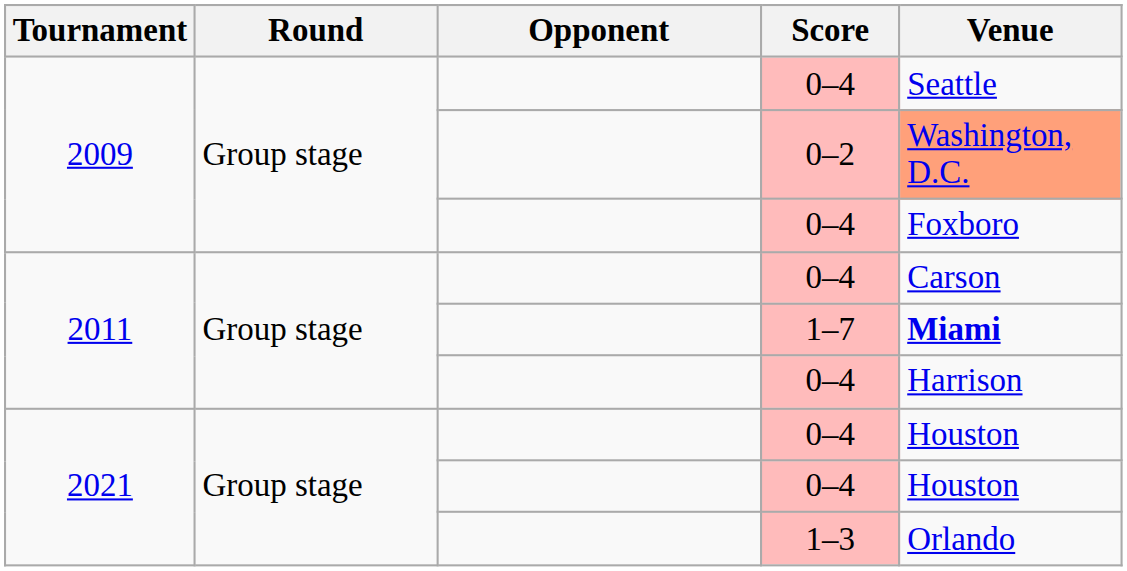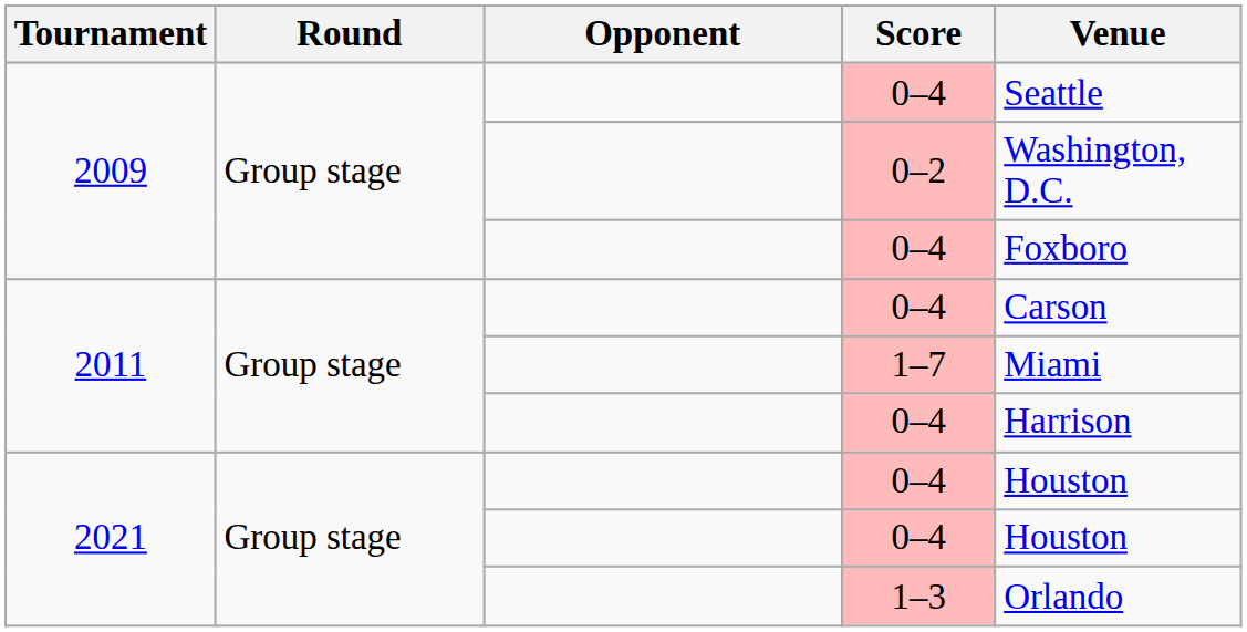 <table class="wikitable sortable mw-collapsible mw-collapsed" style="text-align:left;">
 <tr>
 <th>Tournament</th>
 <th width=110>Round</th>
 <th width=150>Opponent</th>
 <th width=60>Score</th>
 <th width=100>Venue</th>
 </tr>
 <tr>
 <td rowspan="3" align=center> <a href='#'>2009</a></td>
 <td rowspan="3">Group stage</td>
 <td></td>
 <td align=center bgcolor="#ffbbbb">0–4</td>
 <td><a href='#'>Seattle</a></td>
 </tr>
 <tr>
 <td></td>
 <td align=center bgcolor="#ffbbbb">0–2</td>
-<td style="background: lightsalmon;"><a href='#'>Washington, D.C.</a></td>
+<td><a href='#'>Washington, D.C.</a></td>
 </tr>
 <tr>
 <td></td>
 <td align=center bgcolor="#ffbbbb">0–4</td>
 <td><a href='#'>Foxboro</a></td>
 </tr>
 <tr>
 <td rowspan="3" align=center> <a href='#'>2011</a></td>
 <td rowspan="3">Group stage</td>
 <td></td>
 <td align=center bgcolor="#ffbbbb">0–4</td>
 <td><a href='#'>Carson</a></td>
 </tr>
 <tr>
 <td></td>
 <td align=center bgcolor="#ffbbbb">1–7</td>
-<td><strong><a href='#'>Miami</a></strong></td>
+<td><a href='#'>Miami</a></td>
 </tr>
 <tr>
 <td></td>
 <td align=center bgcolor="#ffbbbb">0–4</td>
 <td><a href='#'>Harrison</a></td>
 </tr>
 <tr>
 <td rowspan="3" align=center> <a href='#'>2021</a></td>
 <td rowspan="3">Group stage</td>
 <td></td>
 <td align=center bgcolor="#ffbbbb">0–4</td>
 <td><a href='#'>Houston</a></td>
 </tr>
 <tr>
 <td></td>
 <td align=center bgcolor="#ffbbbb">0–4</td>
 <td><a href='#'>Houston</a></td>
 </tr>
 <tr>
 <td></td>
 <td align=center bgcolor="#ffbbbb">1–3</td>
 <td><a href='#'>Orlando</a></td>
 </tr>
 </table>
